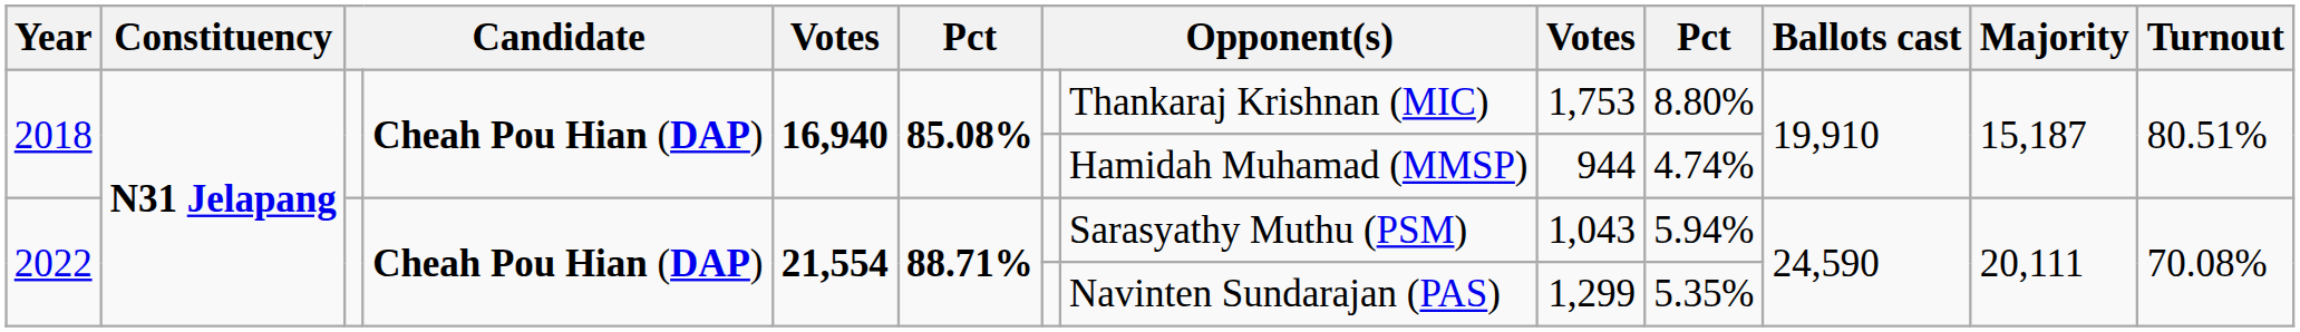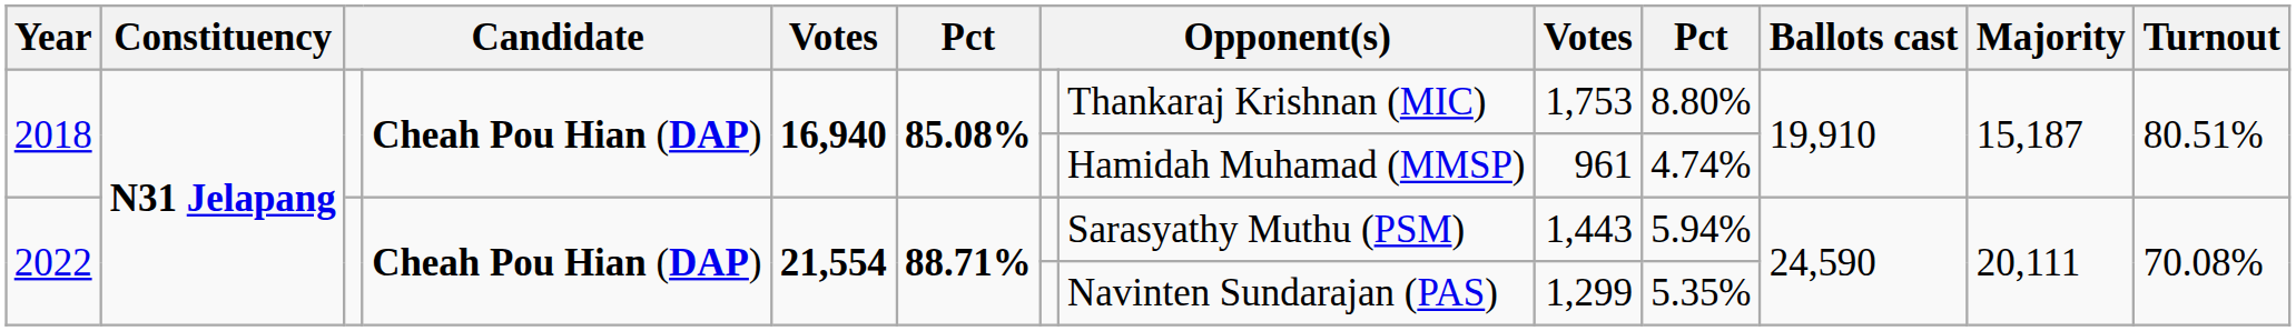 <table class="wikitable" style="margin:0.5em ; font-size:95%">
 <tr>
 <th>Year</th>
 <th>Constituency</th>
 <th colspan=2>Candidate</th>
 <th>Votes</th>
 <th>Pct</th>
 <th colspan=2>Opponent(s)</th>
 <th>Votes</th>
 <th>Pct</th>
 <th>Ballots cast</th>
 <th>Majority</th>
 <th>Turnout</th>
 </tr>
 <tr>
 <td rowspan="2"><a href='#'>2018</a></td>
 <td rowspan="4"><strong>N31 <a href='#'>Jelapang</a></strong></td>
 <td rowspan="2" ></td>
 <td rowspan="2"><strong>Cheah Pou Hian</strong> (<a href='#'><strong>DAP</strong></a>)</td>
 <td rowspan="2" style="text-align:right;"><strong>16,940</strong></td>
 <td rowspan="2"><strong>85.08%</strong></td>
 <td></td>
 <td>Thankaraj Krishnan (<a href='#'>MIC</a>)</td>
 <td style="text-align:right;">1,753</td>
 <td align=right>8.80%</td>
 <td rowspan="2">19,910</td>
 <td rowspan="2">15,187</td>
 <td rowspan="2">80.51%</td>
 </tr>
 <tr>
 <td bgcolor=></td>
 <td>Hamidah Muhamad (<a href='#'>MMSP</a>)</td>
-<td style="text-align:right;">944</td>
+<td style="text-align:right;">961</td>
 <td style="text-align:right;">4.74%</td>
 </tr>
 <tr>
 <td rowspan=2><a href='#'>2022</a></td>
 <td rowspan=2 ></td>
 <td rowspan=2><strong>Cheah Pou Hian</strong> (<a href='#'><strong>DAP</strong></a>)</td>
 <td rowspan=2 style="text-align:right;"><strong>21,554</strong></td>
 <td rowspan=2><strong>88.71%</strong></td>
 <td></td>
 <td>Sarasyathy Muthu (<a href='#'>PSM</a>)</td>
-<td style="text-align:right;">1,043</td>
+<td style="text-align:right;">1,443</td>
 <td style="text-align:right;">5.94%</td>
 <td rowspan=2>24,590</td>
 <td rowspan=2>20,111</td>
 <td rowspan=2>70.08%</td>
 </tr>
 <tr>
 <td bgcolor=></td>
 <td>Navinten Sundarajan (<a href='#'>PAS</a>)</td>
 <td style="text-align:right;">1,299</td>
 <td style="text-align:right;">5.35%</td>
 </tr>
 </table>
